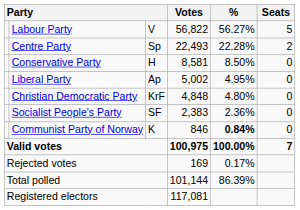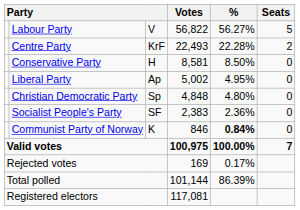 <table class="wikitable" border="1" style="text-align:right;">
 <tr>
 <th style="text-align:left;" colspan=3>Party</th>
 <th align=center width="50">Votes</th>
 <th align=center width="50">%</th>
 <th align=center width="50">Seats</th>
 </tr>
 <tr>
 <td style="color:inherit;background:"></td>
 <td align=left><a href='#'>Labour Party</a></td>
 <td align=left>V</td>
 <td>56,822</td>
 <td>56.27%</td>
 <td>5</td>
 </tr>
 <tr>
 <td style="color:inherit;background:"></td>
 <td align=left><a href='#'>Centre Party</a></td>
-<td align=left>Sp</td>
+<td align=left>KrF</td>
 <td>22,493</td>
 <td>22.28%</td>
 <td>2</td>
 </tr>
 <tr>
 <td style="color:inherit;background:"></td>
 <td align=left><a href='#'>Conservative Party</a></td>
 <td align=left>H</td>
 <td>8,581</td>
 <td>8.50%</td>
 <td>0</td>
 </tr>
 <tr>
 <td style="color:inherit;background:"></td>
 <td align=left><a href='#'>Liberal Party</a></td>
 <td align=left>Ap</td>
 <td>5,002</td>
 <td>4.95%</td>
 <td>0</td>
 </tr>
 <tr>
 <td style="color:inherit;background:"></td>
 <td align=left><a href='#'>Christian Democratic Party</a></td>
-<td align=left>KrF</td>
+<td align=left>Sp</td>
 <td>4,848</td>
 <td>4.80%</td>
 <td>0</td>
 </tr>
 <tr>
 <td style="color:inherit;background:"></td>
 <td align=left><a href='#'>Socialist People's Party</a></td>
 <td align=left>SF</td>
 <td>2,383</td>
 <td>2.36%</td>
 <td>0</td>
 </tr>
 <tr>
 <td style="color:inherit;background:"></td>
 <td align=left><a href='#'>Communist Party of Norway</a></td>
 <td align=left>K</td>
 <td>846</td>
 <td><strong>0.84%</strong></td>
 <td>0</td>
 </tr>
 <tr style="font-weight:bold">
 <td align=left colspan=3>Valid votes</td>
 <td>100,975</td>
 <td>100.00%</td>
 <td>7</td>
 </tr>
 <tr>
 <td align=left colspan=3>Rejected votes</td>
 <td>169</td>
 <td>0.17%</td>
 <td></td>
 </tr>
 <tr>
 <td align=left colspan=3>Total polled</td>
 <td>101,144</td>
 <td>86.39%</td>
 <td></td>
 </tr>
 <tr>
 <td align=left colspan=3>Registered electors</td>
 <td>117,081</td>
 <td></td>
 <td></td>
 </tr>
 </table>
